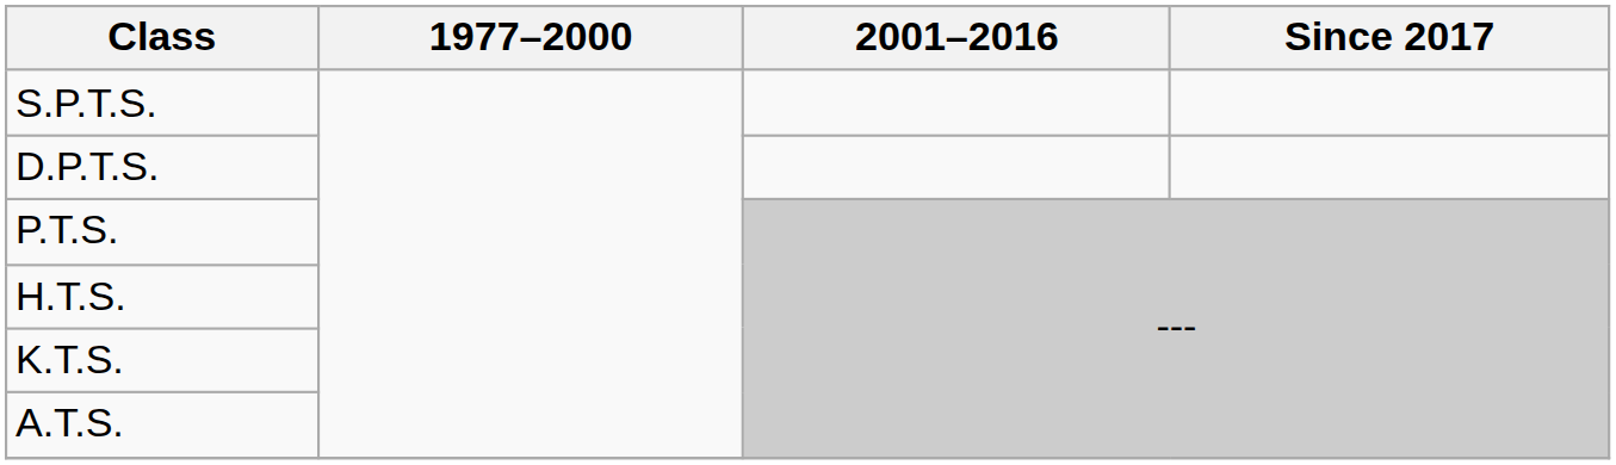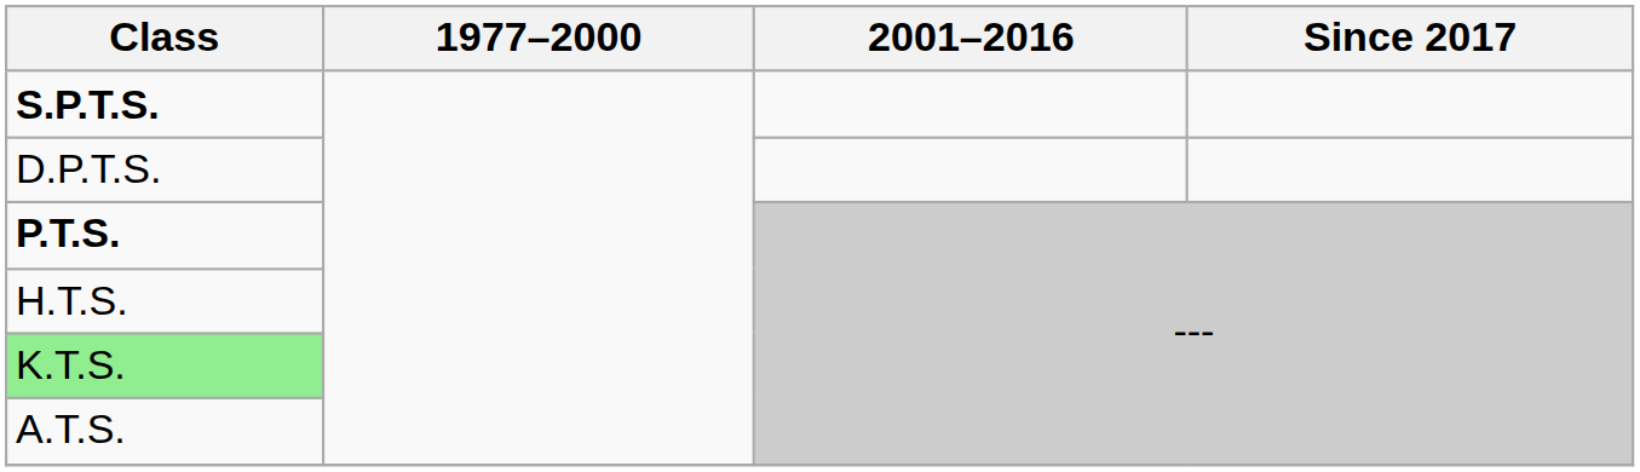 <table class="wikitable" width=50%>
 <tr>
 <th>Class</th>
 <th>1977–2000</th>
 <th>2001–2016</th>
 <th>Since 2017</th>
 </tr>
 <tr>
-<td>S.P.T.S.</td>
+<td><strong>S.P.T.S.</strong></td>
 <td rowspan=6 align=center></td>
 <td align=center></td>
 <td align=center></td>
 </tr>
 <tr>
 <td>D.P.T.S.</td>
 <td align=center></td>
 <td align=center></td>
 </tr>
 <tr>
-<td>P.T.S.</td>
+<td><strong>P.T.S.</strong></td>
 <td colspan=2 rowspan=4 style="background-color:#cccccc" align=center>---</td>
 </tr>
 <tr>
 <td>H.T.S.</td>
 </tr>
 <tr>
-<td>K.T.S.</td>
+<td style="background: lightgreen;">K.T.S.</td>
 </tr>
 <tr>
 <td>A.T.S.</td>
 </tr>
 <tr>
 </tr>
 </table>
